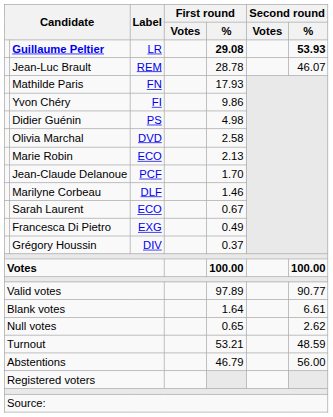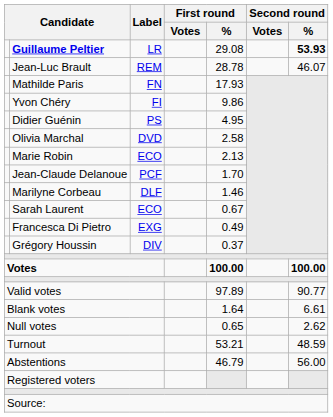 <table class="wikitable" style="text-align:right;font-size:95%;">
 <tr>
 <th rowspan="2" colspan="2">Candidate</th>
 <th rowspan="2">Label</th>
 <th colspan="2">First round</th>
 <th colspan="2">Second round</th>
 </tr>
 <tr>
 <th style="width:50px;">Votes</th>
 <th style="width:45px;">%</th>
 <th style="width:50px;">Votes</th>
 <th style="width:45px;">%</th>
 </tr>
 <tr>
 <td style="color:inherit;background:"></td>
 <td style="text-align:left;"><strong><a href='#'>Guillaume Peltier</a></strong></td>
 <td><a href='#'>LR</a></td>
 <td></td>
-<td><strong>29.08</strong></td>
+<td>29.08</td>
 <td><strong></strong></td>
 <td><strong>53.93</strong></td>
 </tr>
 <tr>
 <td style="color:inherit;background:"></td>
 <td style="text-align:left;">Jean-Luc Brault</td>
 <td><a href='#'>REM</a></td>
 <td></td>
 <td>28.78</td>
 <td></td>
 <td>46.07</td>
 </tr>
 <tr>
 <td style="color:inherit;background:"></td>
 <td style="text-align:left;">Mathilde Paris</td>
 <td><a href='#'>FN</a></td>
 <td></td>
 <td>17.93</td>
 <td colspan="2" rowspan="10" style="background:#E9E9E9;"></td>
 </tr>
 <tr>
 <td style="color:inherit;background:"></td>
 <td style="text-align:left;">Yvon Chéry</td>
 <td><a href='#'>FI</a></td>
 <td></td>
 <td>9.86</td>
 </tr>
 <tr>
 <td style="color:inherit;background:"></td>
 <td style="text-align:left;">Didier Guénin</td>
 <td><a href='#'>PS</a></td>
 <td></td>
-<td>4.98</td>
+<td>4.95</td>
 </tr>
 <tr>
 <td style="color:inherit;background:"></td>
 <td style="text-align:left;">Olivia Marchal</td>
 <td><a href='#'>DVD</a></td>
 <td></td>
 <td>2.58</td>
 </tr>
 <tr>
 <td style="color:inherit;background:"></td>
 <td style="text-align:left;">Marie Robin</td>
 <td><a href='#'>ECO</a></td>
 <td></td>
 <td>2.13</td>
 </tr>
 <tr>
 <td style="color:inherit;background:"></td>
 <td style="text-align:left;">Jean-Claude Delanoue</td>
 <td><a href='#'>PCF</a></td>
 <td></td>
 <td>1.70</td>
 </tr>
 <tr>
 <td style="color:inherit;background:"></td>
 <td style="text-align:left;">Marilyne Corbeau</td>
 <td><a href='#'>DLF</a></td>
 <td></td>
 <td>1.46</td>
 </tr>
 <tr>
 <td style="color:inherit;background:"></td>
 <td style="text-align:left;">Sarah Laurent</td>
 <td><a href='#'>ECO</a></td>
 <td></td>
 <td>0.67</td>
 </tr>
 <tr>
 <td style="color:inherit;background:"></td>
 <td style="text-align:left;">Francesca Di Pietro</td>
 <td><a href='#'>EXG</a></td>
 <td></td>
 <td>0.49</td>
 </tr>
 <tr>
 <td style="color:inherit;background:"></td>
 <td style="text-align:left;">Grégory Houssin</td>
 <td><a href='#'>DIV</a></td>
 <td></td>
 <td>0.37</td>
 </tr>
 <tr>
 <td colspan="7" style="background:#E9E9E9;"></td>
 </tr>
 <tr style="font-weight:bold;">
 <td colspan="3" style="text-align:left;">Votes</td>
 <td></td>
 <td>100.00</td>
 <td></td>
 <td>100.00</td>
 </tr>
 <tr>
 <td colspan="7" style="background:#E9E9E9;"></td>
 </tr>
 <tr>
 <td colspan="3" style="text-align:left;">Valid votes</td>
 <td></td>
 <td>97.89</td>
 <td></td>
 <td>90.77</td>
 </tr>
 <tr>
 <td colspan="3" style="text-align:left;">Blank votes</td>
 <td></td>
 <td>1.64</td>
 <td></td>
 <td>6.61</td>
 </tr>
 <tr>
 <td colspan="3" style="text-align:left;">Null votes</td>
 <td></td>
 <td>0.65</td>
 <td></td>
 <td>2.62</td>
 </tr>
 <tr>
 <td colspan="3" style="text-align:left;">Turnout</td>
 <td></td>
 <td>53.21</td>
 <td></td>
 <td>48.59</td>
 </tr>
 <tr>
 <td colspan="3" style="text-align:left;">Abstentions</td>
 <td></td>
 <td>46.79</td>
 <td></td>
 <td>56.00</td>
 </tr>
 <tr>
 <td colspan="3" style="text-align:left;">Registered voters</td>
 <td></td>
 <td style="color:inherit;background:#E9E9E9;"></td>
 <td></td>
 <td style="color:inherit;background:#E9E9E9;"></td>
 </tr>
 <tr>
 <td colspan="7" style="background:#E9E9E9;"></td>
 </tr>
 <tr>
 <td colspan="7" style="text-align:left;">Source: </td>
 </tr>
 </table>
